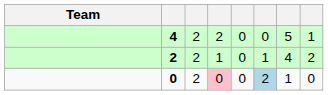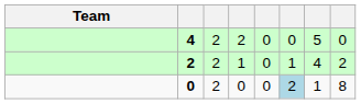 <table class="wikitable" style="text-align: center;">
 <tr>
 <th width=180>Team</th>
 <th width=20></th>
 <th width=20></th>
 <th width=20></th>
 <th width=20></th>
 <th width=20></th>
 <th width=20></th>
 <th width=20></th>
 </tr>
 <tr bgcolor=ccffcc>
 <td align=left></td>
 <td><strong>4</strong></td>
 <td>2</td>
 <td>2</td>
 <td>0</td>
 <td>0</td>
 <td>5</td>
-<td>1</td>
+<td>0</td>
 </tr>
 <tr bgcolor=ccffcc>
 <td align=left></td>
 <td><strong>2</strong></td>
 <td>2</td>
 <td>1</td>
 <td>0</td>
 <td>1</td>
 <td>4</td>
 <td>2</td>
 </tr>
 <tr>
 <td align=left></td>
 <td><strong>0</strong></td>
 <td>2</td>
-<td style="background: pink;">0</td>
+<td>0</td>
 <td>0</td>
 <td style="background: lightblue;">2</td>
 <td>1</td>
-<td>0</td>
+<td>8</td>
 </tr>
 </table>
